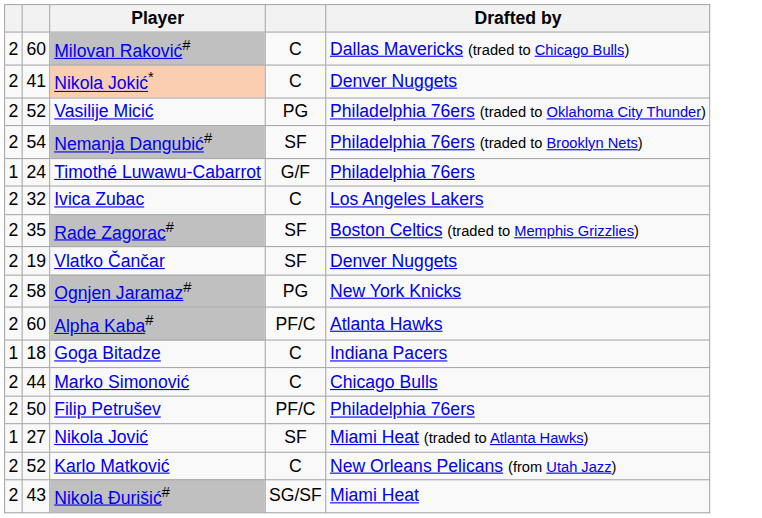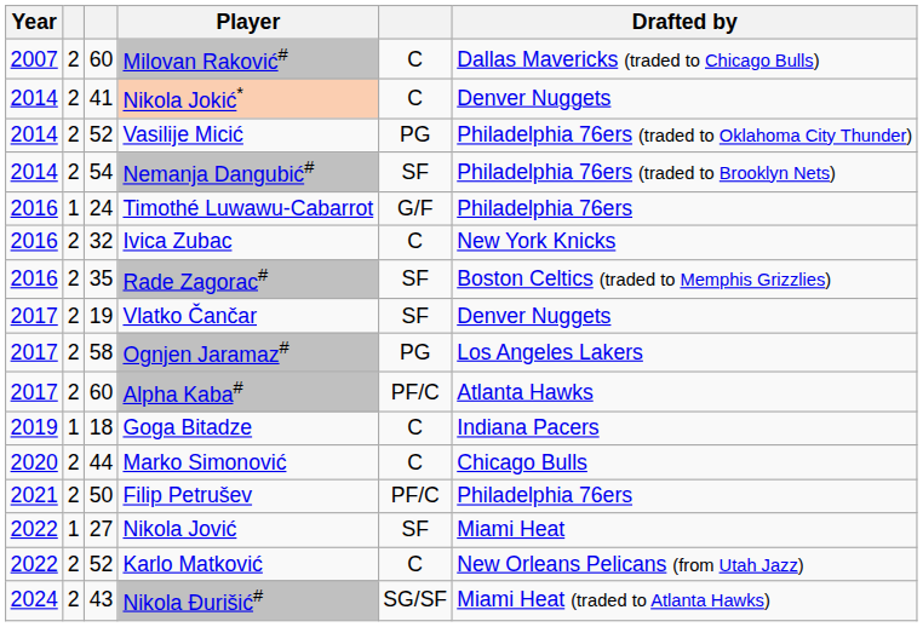 <table class="wikitable sortable" style="text-align: left;">
 <tr>
+<th>Year</th>
 <th></th>
 <th></th>
 <th>Player</th>
 <th></th>
 <th>Drafted by</th>
 </tr>
 <tr>
+<td style="text-align:center;"><a href='#'>2007</a></td>
 <td style="text-align:center;">2</td>
 <td style="text-align:center;">60</td>
 <td style="background:silver;"> <a href='#'>Milovan Raković</a><sup>#</sup></td>
 <td style="text-align:center;">C</td>
 <td><a href='#'>Dallas Mavericks</a> <small>(traded to <a href='#'>Chicago Bulls</a>)</small></td>
 </tr>
 <tr>
+<td style="text-align:center;"><a href='#'>2014</a></td>
 <td style="text-align:center;">2</td>
 <td style="text-align:center;">41</td>
 <td bgcolor="#FBCEB1"> <a href='#'>Nikola Jokić</a><sup>*</sup></td>
 <td style="text-align:center;">C</td>
 <td><a href='#'>Denver Nuggets</a></td>
 </tr>
 <tr>
+<td style="text-align:center;"><a href='#'>2014</a></td>
 <td style="text-align:center;">2</td>
 <td style="text-align:center;">52</td>
 <td> <a href='#'>Vasilije Micić</a></td>
 <td style="text-align:center;">PG</td>
 <td><a href='#'>Philadelphia 76ers</a> <small>(traded to <a href='#'>Oklahoma City Thunder</a>)</small></td>
 </tr>
 <tr>
+<td style="text-align:center;"><a href='#'>2014</a></td>
 <td style="text-align:center;">2</td>
 <td style="text-align:center;">54</td>
 <td style="background:silver;"> <a href='#'>Nemanja Dangubić</a><sup>#</sup></td>
 <td style="text-align:center;">SF</td>
 <td><a href='#'>Philadelphia 76ers</a> <small>(traded to <a href='#'>Brooklyn Nets</a>)</small></td>
 </tr>
 <tr>
+<td style="text-align:center;"><a href='#'>2016</a></td>
 <td style="text-align:center;">1</td>
 <td style="text-align:center;">24</td>
 <td> <a href='#'>Timothé Luwawu-Cabarrot</a></td>
 <td style="text-align:center;">G/F</td>
 <td><a href='#'>Philadelphia 76ers</a></td>
 </tr>
 <tr>
+<td style="text-align:center;"><a href='#'>2016</a></td>
 <td style="text-align:center;">2</td>
 <td style="text-align:center;">32</td>
 <td> <a href='#'>Ivica Zubac</a></td>
 <td style="text-align:center;">C</td>
-<td><a href='#'>Los Angeles Lakers</a></td>
+<td><a href='#'>New York Knicks</a></td>
 </tr>
 <tr>
+<td style="text-align:center;"><a href='#'>2016</a></td>
 <td style="text-align:center;">2</td>
 <td style="text-align:center;">35</td>
 <td style="background:silver;"> <a href='#'>Rade Zagorac</a><sup>#</sup></td>
 <td style="text-align:center;">SF</td>
 <td><a href='#'>Boston Celtics</a> <small>(traded to <a href='#'>Memphis Grizzlies</a>)</small></td>
 </tr>
 <tr>
+<td style="text-align:center;"><a href='#'>2017</a></td>
 <td style="text-align:center;">2</td>
 <td style="text-align:center;">19</td>
 <td> <a href='#'>Vlatko Čančar</a></td>
 <td style="text-align:center;">SF</td>
 <td><a href='#'>Denver Nuggets</a></td>
 </tr>
 <tr>
+<td style="text-align:center;"><a href='#'>2017</a></td>
 <td style="text-align:center;">2</td>
 <td style="text-align:center;">58</td>
 <td style="background:silver;"> <a href='#'>Ognjen Jaramaz</a><sup>#</sup></td>
 <td style="text-align:center;">PG</td>
-<td><a href='#'>New York Knicks</a></td>
+<td><a href='#'>Los Angeles Lakers</a></td>
 </tr>
 <tr>
+<td style="text-align:center;"><a href='#'>2017</a></td>
 <td style="text-align:center;">2</td>
 <td style="text-align:center;">60</td>
 <td style="background:silver;"> <a href='#'>Alpha Kaba</a><sup>#</sup></td>
 <td style="text-align:center;">PF/C</td>
 <td><a href='#'>Atlanta Hawks</a></td>
 </tr>
 <tr>
+<td style="text-align:center;"><a href='#'>2019</a></td>
 <td style="text-align:center;">1</td>
 <td style="text-align:center;">18</td>
 <td> <a href='#'>Goga Bitadze</a></td>
 <td style="text-align:center;">C</td>
 <td><a href='#'>Indiana Pacers</a></td>
 </tr>
 <tr>
+<td style="text-align:center;"><a href='#'>2020</a></td>
 <td style="text-align:center;">2</td>
 <td style="text-align:center;">44</td>
 <td> <a href='#'>Marko Simonović</a></td>
 <td style="text-align:center;">C</td>
 <td><a href='#'>Chicago Bulls</a></td>
 </tr>
 <tr>
+<td style="text-align:center;"><a href='#'>2021</a></td>
 <td style="text-align:center;">2</td>
 <td style="text-align:center;">50</td>
 <td> <a href='#'>Filip Petrušev</a></td>
 <td style="text-align:center;">PF/C</td>
 <td><a href='#'>Philadelphia 76ers</a></td>
 </tr>
 <tr>
+<td style="text-align:center;"><a href='#'>2022</a></td>
 <td style="text-align:center;">1</td>
 <td style="text-align:center;">27</td>
 <td> <a href='#'>Nikola Jović</a></td>
 <td style="text-align:center;">SF</td>
-<td><a href='#'>Miami Heat</a> <small>(traded to <a href='#'>Atlanta Hawks</a>)</small></td>
+<td><a href='#'>Miami Heat</a></td>
 </tr>
 <tr>
+<td style="text-align:center;"><a href='#'>2022</a></td>
 <td style="text-align:center;">2</td>
 <td style="text-align:center;">52</td>
 <td> <a href='#'>Karlo Matković</a></td>
 <td style="text-align:center;">C</td>
 <td><a href='#'>New Orleans Pelicans</a> <small>(from <a href='#'>Utah Jazz</a>)</small></td>
 </tr>
 <tr>
+<td style="text-align:center;"><a href='#'>2024</a></td>
 <td style="text-align:center;">2</td>
 <td style="text-align:center;">43</td>
 <td style="background:silver;"> <a href='#'>Nikola Đurišić</a><sup>#</sup></td>
 <td style="text-align:center;">SG/SF</td>
-<td><a href='#'>Miami Heat</a></td>
+<td><a href='#'>Miami Heat</a> <small>(traded to <a href='#'>Atlanta Hawks</a>)</small></td>
 </tr>
 </table>
